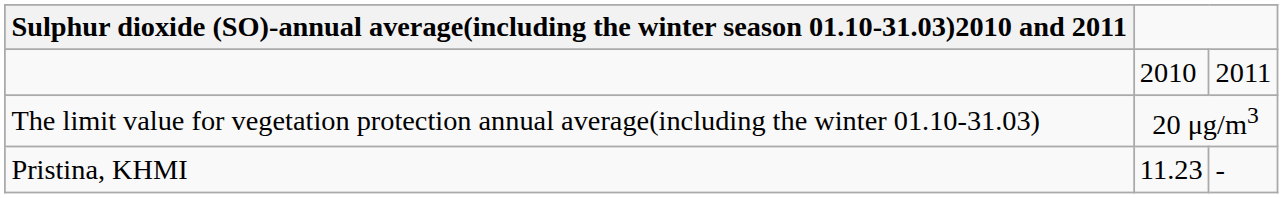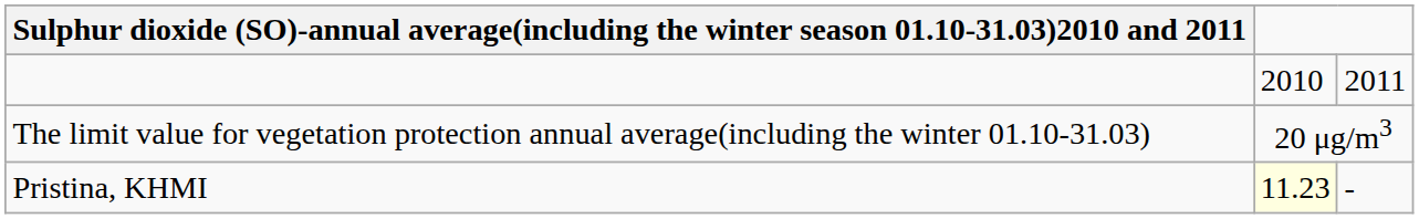 <table class="wikitable">
 <tr>
 <th>Sulphur dioxide (SO)-annual average(including the winter season 01.10-31.03)2010 and 2011</th>
 </tr>
 <tr>
 <td></td>
 <td>2010</td>
 <td>2011</td>
 </tr>
 <tr>
 <td>The limit value for vegetation protection annual average(including the winter 01.10-31.03)</td>
 <td colspan="2" style="text-align: center;">20 μg/m<sup>3</sup></td>
 </tr>
 <tr>
 <td>Pristina, KHMI</td>
-<td>11.23</td>
+<td style="background: lightyellow;">11.23</td>
 <td>-</td>
 </tr>
 </table>
